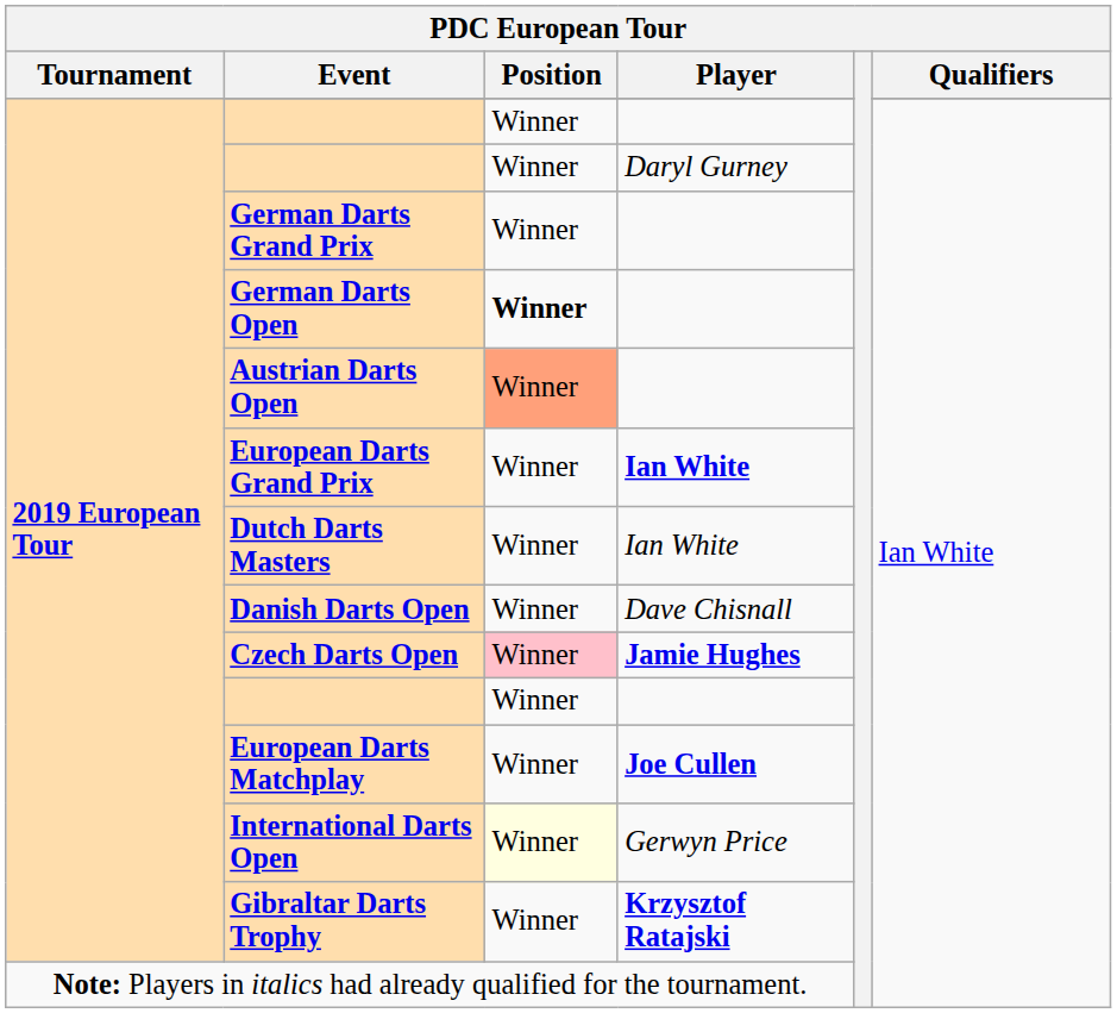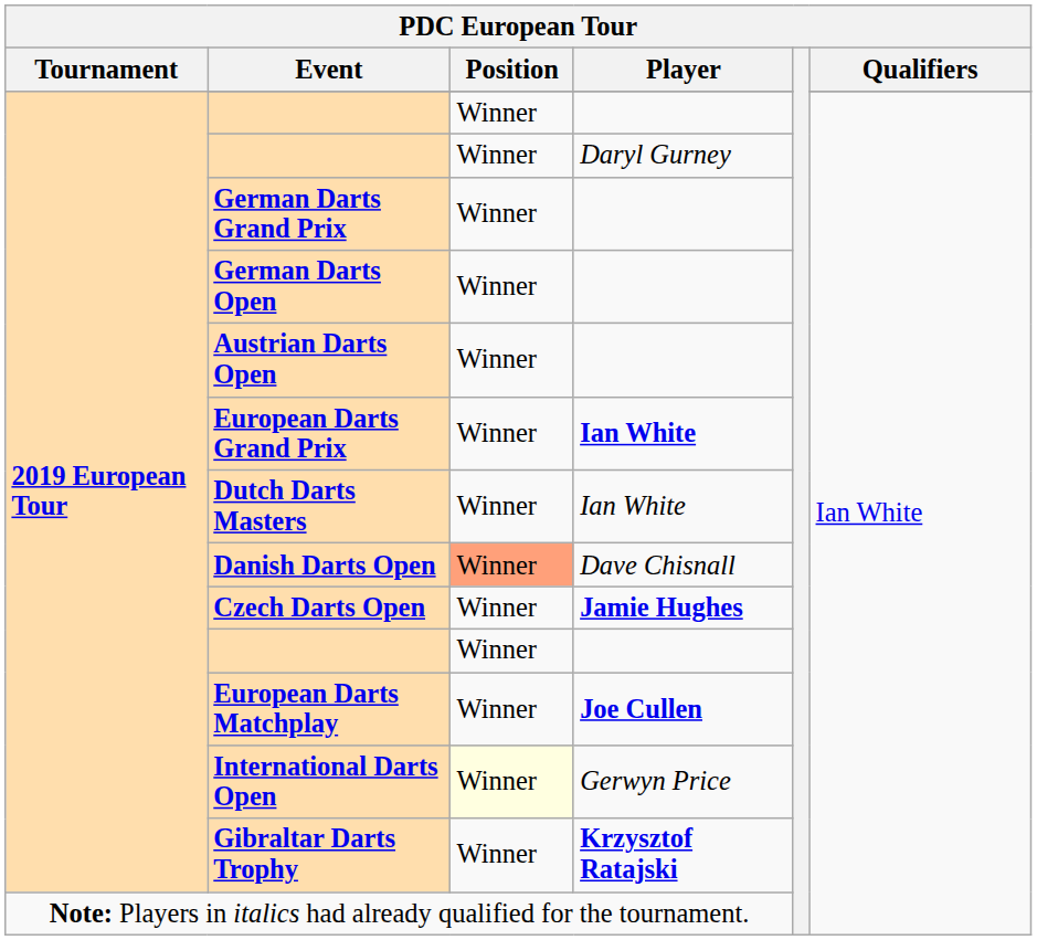 <table class="wikitable">
 <tr>
 <th colspan=6>PDC European Tour</th>
 </tr>
 <tr>
 <th width=150>Tournament</th>
 <th width=200>Event</th>
 <th width=80>Position</th>
 <th width=200>Player</th>
 <th rowspan=16 width=5></th>
 <th width=200>Qualifiers</th>
 </tr>
 <tr>
 <td rowspan=14 style="background:#ffdead;"><strong><a href='#'>2019 European Tour</a></strong></td>
 </tr>
 <tr>
 <td style="background:#ffdead;"></td>
 <td>Winner</td>
 <td></td>
 <td rowspan=14> <a href='#'>Ian White</a></td>
 </tr>
 <tr>
 <td style="background:#ffdead;"></td>
 <td>Winner</td>
 <td> <em>Daryl Gurney</em></td>
 </tr>
 <tr>
 <td style="background:#ffdead;"><strong><a href='#'>German Darts Grand Prix</a></strong></td>
 <td>Winner</td>
 <td></td>
 </tr>
 <tr>
 <td style="background:#ffdead;"><strong><a href='#'>German Darts Open</a></strong></td>
-<td><strong>Winner</strong></td>
+<td>Winner</td>
 <td></td>
 </tr>
 <tr>
 <td style="background:#ffdead;"><strong><a href='#'>Austrian Darts Open</a></strong></td>
-<td style="background: lightsalmon;">Winner</td>
+<td>Winner</td>
 <td></td>
 </tr>
 <tr>
 <td style="background:#ffdead;"><strong><a href='#'>European Darts Grand Prix</a></strong></td>
 <td>Winner</td>
 <td> <strong><a href='#'>Ian White</a></strong></td>
 </tr>
 <tr>
 <td style="background:#ffdead;"><strong><a href='#'>Dutch Darts Masters</a></strong></td>
 <td>Winner</td>
 <td> <em>Ian White</em></td>
 </tr>
 <tr>
 <td style="background:#ffdead;"><strong><a href='#'>Danish Darts Open</a></strong></td>
-<td>Winner</td>
+<td style="background: lightsalmon;">Winner</td>
 <td> <em>Dave Chisnall</em></td>
 </tr>
 <tr>
 <td style="background:#ffdead;"><strong><a href='#'>Czech Darts Open</a></strong></td>
-<td style="background: pink;">Winner</td>
+<td>Winner</td>
 <td> <strong><a href='#'>Jamie Hughes</a></strong></td>
 </tr>
 <tr>
 <td style="background:#ffdead;"><strong></strong></td>
 <td>Winner</td>
 <td></td>
 </tr>
 <tr>
 <td style="background:#ffdead;"><strong><a href='#'>European Darts Matchplay</a></strong></td>
 <td>Winner</td>
 <td> <strong><a href='#'>Joe Cullen</a></strong></td>
 </tr>
 <tr>
 <td style="background:#ffdead;"><strong><a href='#'>International Darts Open</a></strong></td>
 <td style="background: lightyellow;">Winner</td>
 <td> <em>Gerwyn Price</em></td>
 </tr>
 <tr>
 <td style="background:#ffdead;"><strong><a href='#'>Gibraltar Darts Trophy</a></strong></td>
 <td>Winner</td>
 <td> <strong><a href='#'>Krzysztof Ratajski</a></strong></td>
 </tr>
 <tr>
 <td colspan=4 align=center><strong>Note:</strong> Players in <em>italics</em> had already qualified for the tournament.</td>
 </tr>
 </table>
